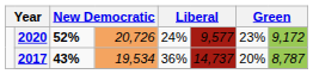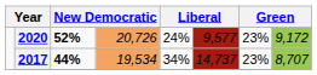 <table class="wikitable" style="float:right; width:400; font-size:90%; margin-left:1em;">
 <tr>
 <th colspan="2" scope="col">Year</th>
 <th colspan="2" scope="col"><a href='#'>New Democratic</a></th>
 <th colspan="2" scope="col"><a href='#'>Liberal</a></th>
 <th colspan="2" scope="col"><a href='#'>Green</a></th>
 </tr>
 <tr>
 <td rowspan="3" style="width: 0.25em; background-color: "></td>
 <th><a href='#'>2020</a></th>
 <td><strong>52%</strong></td>
 <td style="text-align:right; background:#F4A460;"><em>20,726</em></td>
 <td><span> 24%</span></td>
 <td style="text-align:right; background:#A51B12;"><span> <em>9,577</em></span></td>
 <td>23%</td>
 <td style="text-align:right; background:#99C955;"><em>9,172</em></td>
 </tr>
 <tr>
 <th><a href='#'>2017</a></th>
-<td><strong>43%</strong></td>
+<td><strong>44%</strong></td>
 <td style="text-align:right; background:#F4A460;"><em>19,534</em></td>
-<td><span> 36%</span></td>
+<td><span> 34%</span></td>
 <td style="text-align:right; background:#A51B12;"><span> <em>14,737</em></span></td>
-<td>20%</td>
-<td style="text-align:right; background:#99C955;"><em>8,787</em></td>
+<td>23%</td>
+<td style="text-align:right; background:#99C955;"><em>8,707</em></td>
 </tr>
 <tr>
 </tr>
 </table>
